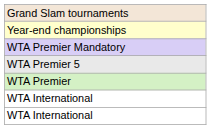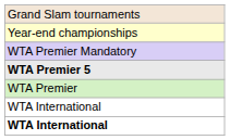 <table class=wikitable style=font-size:85%;width:20%>
 <tr bgcolor=#F3E6D7>
 <td>Grand Slam tournaments</td>
 </tr>
 <tr bgcolor=#ffffcc>
 <td>Year-end championships</td>
 </tr>
 <tr bgcolor=#D8CEF6>
 <td>WTA Premier Mandatory</td>
 </tr>
 <tr bgcolor=#E9E9E9>
-<td>WTA Premier 5</td>
+<td><strong>WTA Premier 5</strong></td>
 </tr>
 <tr bgcolor=#D4F1C5>
 <td>WTA Premier</td>
 </tr>
 <tr bgcolor=#ffffff>
 <td>WTA International</td>
 </tr>
 <tr bgcolor=#ffffff>
-<td>WTA International</td>
+<td><strong>WTA International</strong></td>
 </tr>
 </table>
